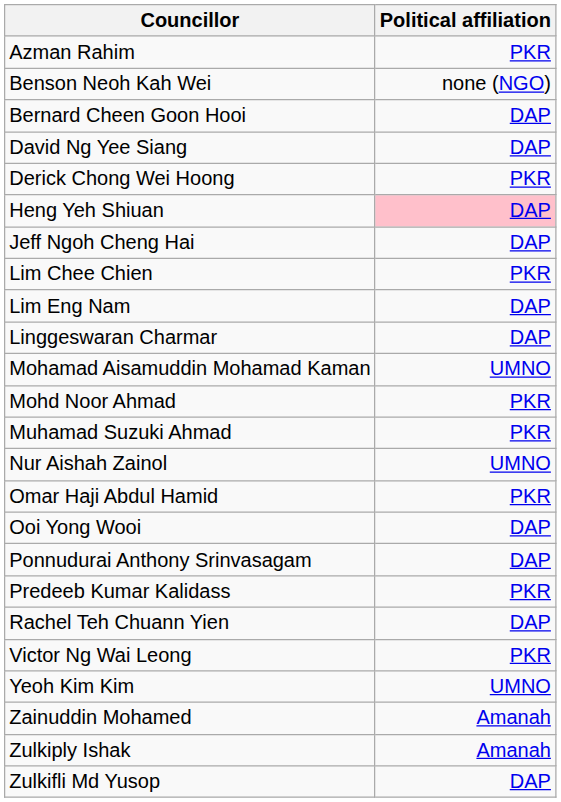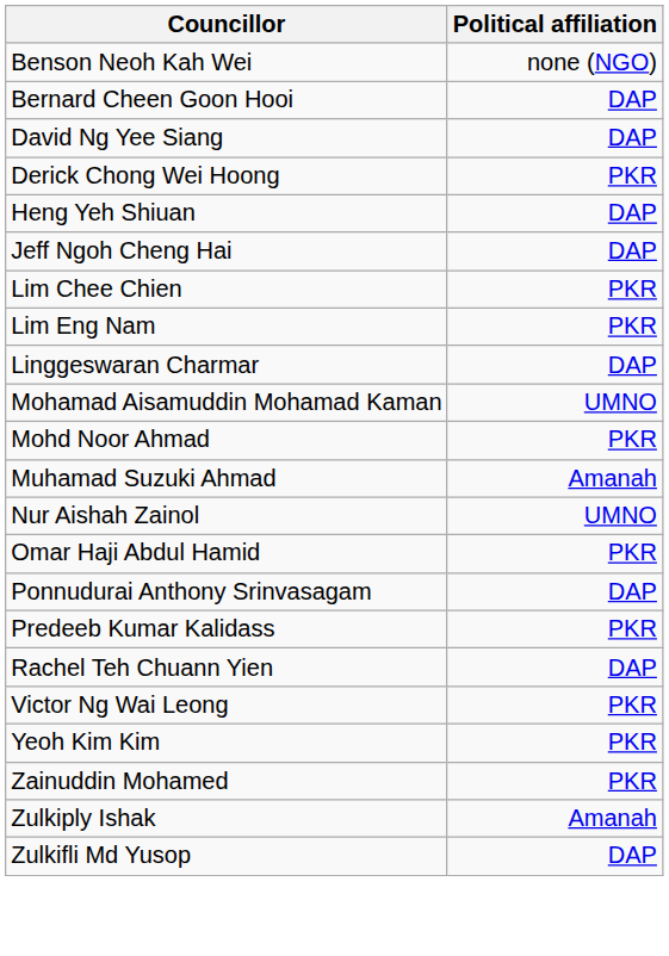 <table class="wikitable sortable mw-collapsible">
 <tr>
 <th>Councillor</th>
 <th>Political affiliation</th>
-</tr>
-<tr>
-<td>Azman Rahim</td>
-<td align="right"><a href='#'>PKR</a></td>
 </tr>
 <tr>
 <td>Benson Neoh Kah Wei</td>
 <td align="right">none (<a href='#'>NGO</a>)</td>
 </tr>
 <tr>
 <td>Bernard Cheen Goon Hooi</td>
 <td align="right"><a href='#'>DAP</a></td>
 </tr>
 <tr>
 <td>David Ng Yee Siang</td>
 <td align="right"><a href='#'>DAP</a></td>
 </tr>
 <tr>
 <td>Derick Chong Wei Hoong</td>
 <td align="right"><a href='#'>PKR</a></td>
 </tr>
 <tr>
 <td>Heng Yeh Shiuan</td>
-<td align="right" style="background: pink;"><a href='#'>DAP</a></td>
+<td align="right"><a href='#'>DAP</a></td>
 </tr>
 <tr>
 <td>Jeff Ngoh Cheng Hai</td>
 <td align="right"><a href='#'>DAP</a></td>
 </tr>
 <tr>
 <td>Lim Chee Chien</td>
 <td align="right"><a href='#'>PKR</a></td>
 </tr>
 <tr>
 <td>Lim Eng Nam</td>
-<td align="right"><a href='#'>DAP</a></td>
+<td align="right"><a href='#'>PKR</a></td>
 </tr>
 <tr>
 <td>Linggeswaran Charmar</td>
 <td align="right"><a href='#'>DAP</a></td>
 </tr>
 <tr>
 <td>Mohamad Aisamuddin Mohamad Kaman</td>
 <td align="right"><a href='#'>UMNO</a></td>
 </tr>
 <tr>
 <td>Mohd Noor Ahmad</td>
 <td align="right"><a href='#'>PKR</a></td>
 </tr>
 <tr>
 <td>Muhamad Suzuki Ahmad</td>
-<td align="right"><a href='#'>PKR</a></td>
+<td align="right"><a href='#'>Amanah</a></td>
 </tr>
 <tr>
 <td>Nur Aishah Zainol</td>
 <td align="right"><a href='#'>UMNO</a></td>
 </tr>
 <tr>
 <td>Omar Haji Abdul Hamid</td>
 <td align="right"><a href='#'>PKR</a></td>
-</tr>
-<tr>
-<td>Ooi Yong Wooi</td>
-<td align="right"><a href='#'>DAP</a></td>
 </tr>
 <tr>
 <td>Ponnudurai Anthony Srinvasagam</td>
 <td align="right"><a href='#'>DAP</a></td>
 </tr>
 <tr>
 <td>Predeeb Kumar Kalidass</td>
 <td align="right"><a href='#'>PKR</a></td>
 </tr>
 <tr>
 <td>Rachel Teh Chuann Yien</td>
 <td align="right"><a href='#'>DAP</a></td>
 </tr>
 <tr>
 <td>Victor Ng Wai Leong</td>
 <td align="right"><a href='#'>PKR</a></td>
 </tr>
 <tr>
 <td>Yeoh Kim Kim</td>
-<td align="right"><a href='#'>UMNO</a></td>
+<td align="right"><a href='#'>PKR</a></td>
 </tr>
 <tr>
 <td>Zainuddin Mohamed</td>
-<td align="right"><a href='#'>Amanah</a></td>
+<td align="right"><a href='#'>PKR</a></td>
 </tr>
 <tr>
 <td>Zulkiply Ishak</td>
 <td align="right"><a href='#'>Amanah</a></td>
 </tr>
 <tr>
 <td>Zulkifli Md Yusop</td>
 <td align="right"><a href='#'>DAP</a></td>
 </tr>
 </table>
